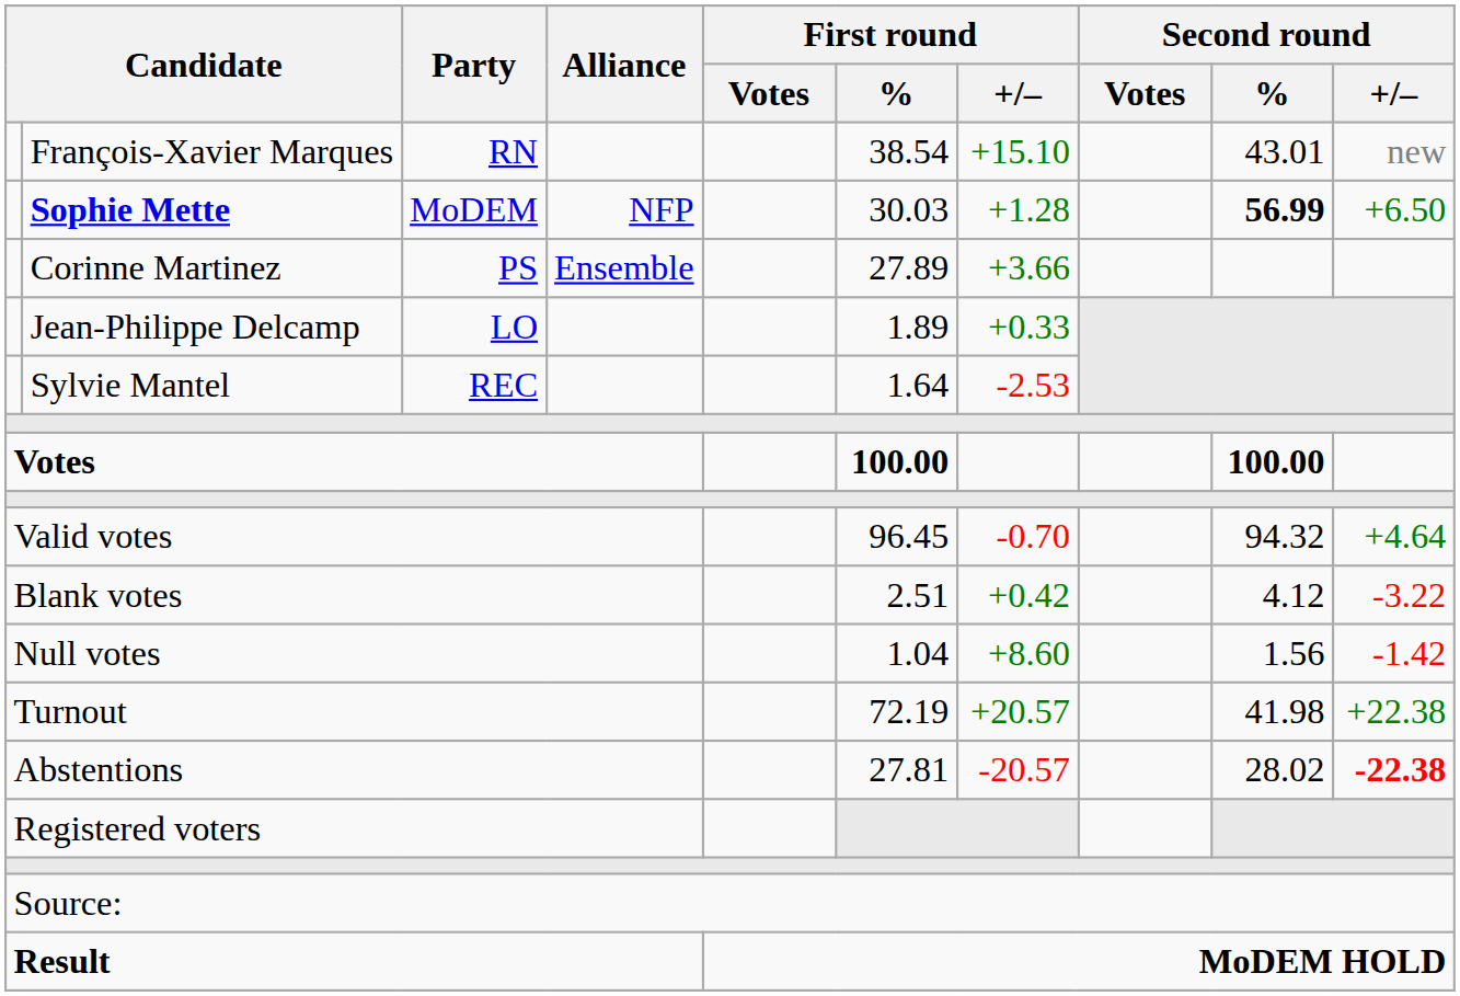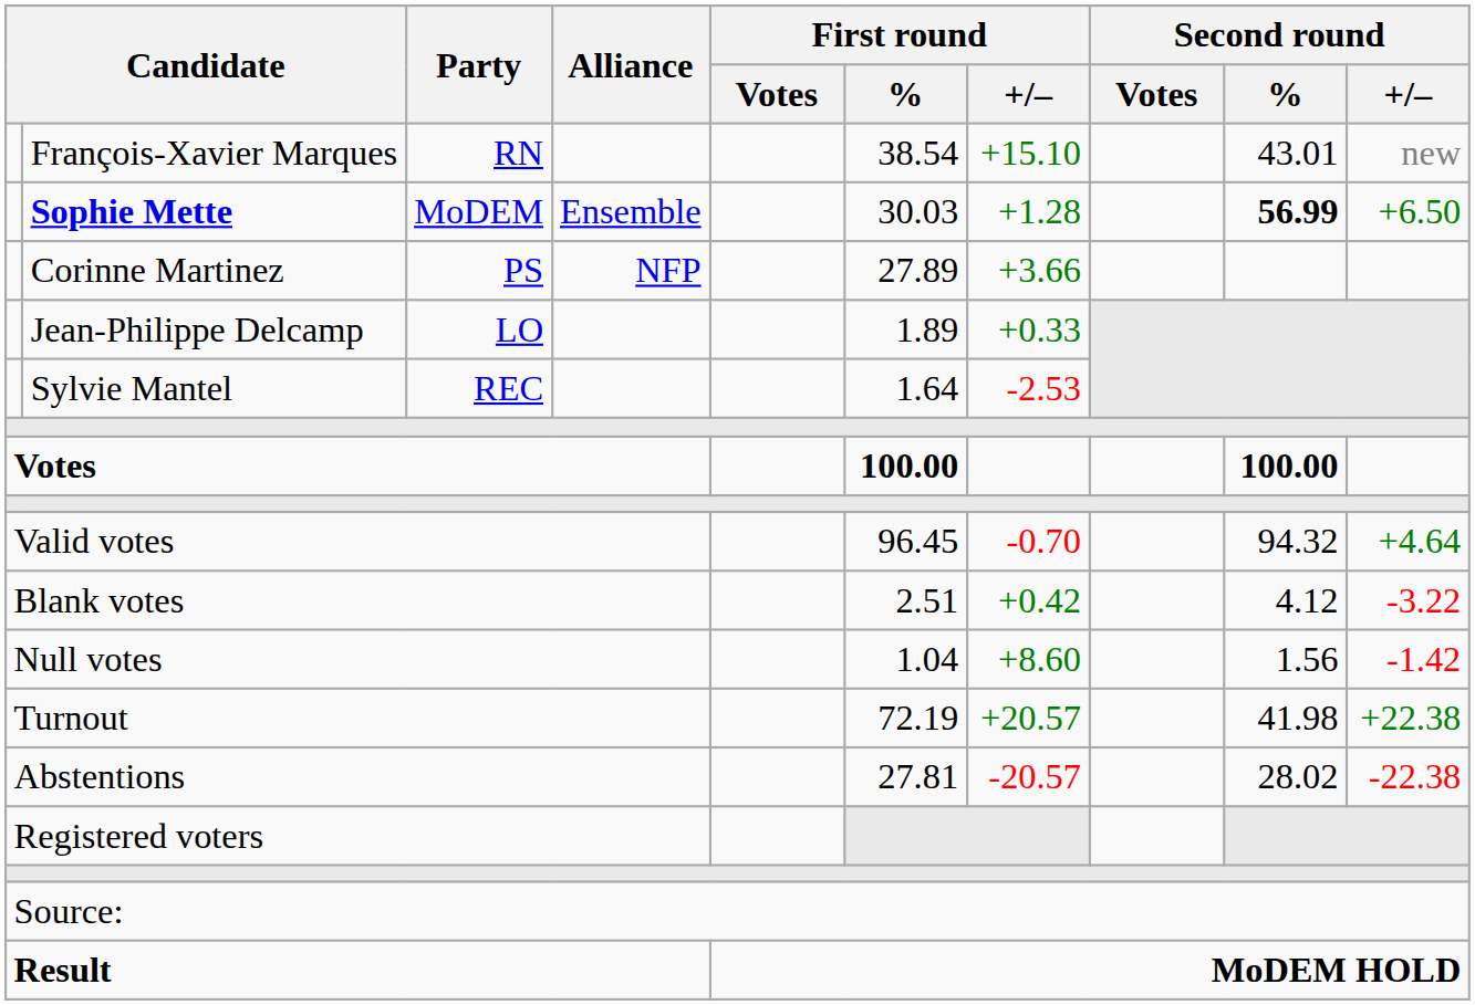 <table class="wikitable" style="text-align:right;font-size:95%;">
 <tr>
 <th rowspan="2" colspan="2">Candidate</th>
 <th colspan="1" rowspan="2">Party</th>
 <th colspan="1" rowspan="2">Alliance</th>
 <th colspan="3">First round</th>
 <th colspan="3">Second round</th>
 </tr>
 <tr>
 <th style="width:50px;">Votes</th>
 <th style="width:45px;">%</th>
 <th style="width:45px;">+/–</th>
 <th style="width:50px;">Votes</th>
 <th style="width:45px;">%</th>
 <th style="width:45px;">+/–</th>
 </tr>
 <tr>
 <td style="color:inherit;background:"></td>
 <td style="text-align:left;">François-Xavier Marques</td>
 <td><a href='#'>RN</a></td>
 <td></td>
 <td></td>
 <td>38.54</td>
 <td style="color:green;">+15.10</td>
 <td></td>
 <td>43.01</td>
 <td style="color:grey;">new</td>
 </tr>
 <tr>
 <td style="color:inherit;background:"></td>
 <td style="text-align:left;"><strong><a href='#'>Sophie Mette</a></strong></td>
 <td><a href='#'>MoDEM</a></td>
-<td><a href='#'>NFP</a></td>
+<td><a href='#'>Ensemble</a></td>
 <td></td>
 <td>30.03</td>
 <td style="color:green;">+1.28</td>
 <td><strong></strong></td>
 <td><strong>56.99</strong></td>
 <td style="color:green;">+6.50</td>
 </tr>
 <tr>
 <td style="color:inherit;background:"></td>
 <td style="text-align:left;">Corinne Martinez</td>
 <td><a href='#'>PS</a></td>
-<td><a href='#'>Ensemble</a></td>
+<td><a href='#'>NFP</a></td>
 <td></td>
 <td>27.89</td>
 <td style="color:green;">+3.66</td>
 <td></td>
 <td></td>
 <td style="color:grey;"></td>
 </tr>
 <tr>
 <td style="color:inherit;background:"></td>
 <td style="text-align:left;">Jean-Philippe Delcamp</td>
 <td><a href='#'>LO</a></td>
 <td></td>
 <td></td>
 <td>1.89</td>
 <td style="color:green;">+0.33</td>
 <td colspan="3" rowspan="2" style="background:#E9E9E9;"></td>
 </tr>
 <tr>
 <td style="color:inherit;background:"></td>
 <td style="text-align:left;">Sylvie Mantel</td>
 <td><a href='#'>REC</a></td>
 <td></td>
 <td></td>
 <td>1.64</td>
 <td style="color:red;">-2.53</td>
 </tr>
 <tr>
 <td colspan="10" style="background:#E9E9E9;"></td>
 </tr>
 <tr style="font-weight:bold;">
 <td colspan="4" style="text-align:left;">Votes</td>
 <td></td>
 <td>100.00</td>
 <td></td>
 <td></td>
 <td>100.00</td>
 <td></td>
 </tr>
 <tr>
 <td colspan="10" style="background:#E9E9E9;"></td>
 </tr>
 <tr>
 <td colspan="4" style="text-align:left;">Valid votes</td>
 <td></td>
 <td>96.45</td>
 <td style="color:red;">-0.70</td>
 <td></td>
 <td>94.32</td>
 <td style="color:green;">+4.64</td>
 </tr>
 <tr>
 <td colspan="4" style="text-align:left;">Blank votes</td>
 <td></td>
 <td>2.51</td>
 <td style="color:green;">+0.42</td>
 <td></td>
 <td>4.12</td>
 <td style="color:red;">-3.22</td>
 </tr>
 <tr>
 <td colspan="4" style="text-align:left;">Null votes</td>
 <td></td>
 <td>1.04</td>
 <td style="color:green;">+8.60</td>
 <td></td>
 <td>1.56</td>
 <td style="color:red;">-1.42</td>
 </tr>
 <tr>
 <td colspan="4" style="text-align:left;">Turnout</td>
 <td></td>
 <td>72.19</td>
 <td style="color:green;">+20.57</td>
 <td></td>
 <td>41.98</td>
 <td style="color:green;">+22.38</td>
 </tr>
 <tr>
 <td colspan="4" style="text-align:left;">Abstentions</td>
 <td></td>
 <td>27.81</td>
 <td style="color:red;">-20.57</td>
 <td></td>
 <td>28.02</td>
-<td style="color:red;"><strong>-22.38</strong></td>
+<td style="color:red;">-22.38</td>
 </tr>
 <tr>
 <td colspan="4" style="text-align:left;">Registered voters</td>
 <td></td>
 <td colspan="2" style="background:#E9E9E9;"></td>
 <td></td>
 <td colspan="2" style="background:#E9E9E9;"></td>
 </tr>
 <tr>
 <td colspan="10" style="background:#E9E9E9;"></td>
 </tr>
 <tr>
 <td colspan="10" style="text-align:left;">Source: </td>
 </tr>
 <tr style="font-weight:bold">
 <td colspan="4" style="text-align:left;">Result</td>
 <td colspan="6" style="background-color:">MoDEM HOLD</td>
 </tr>
 </table>
